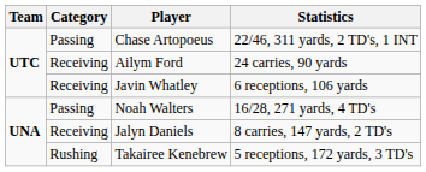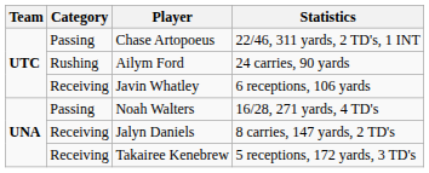 <table class="wikitable" style="float: right;">
 <tr>
 <th>Team</th>
 <th>Category</th>
 <th>Player</th>
 <th>Statistics</th>
 </tr>
 <tr>
 <td rowspan=3><strong>UTC</strong></td>
 <td>Passing</td>
 <td>Chase Artopoeus</td>
 <td>22/46, 311 yards, 2 TD's, 1 INT</td>
 </tr>
 <tr>
-<td>Receiving</td>
+<td>Rushing</td>
 <td>Ailym Ford</td>
 <td>24 carries, 90 yards</td>
 </tr>
 <tr>
 <td>Receiving</td>
 <td>Javin Whatley</td>
 <td>6 receptions, 106 yards</td>
 </tr>
 <tr>
 <td rowspan=3><strong>UNA</strong></td>
 <td>Passing</td>
 <td>Noah Walters</td>
 <td>16/28, 271 yards, 4 TD's</td>
 </tr>
 <tr>
 <td>Receiving</td>
 <td>Jalyn Daniels</td>
 <td>8 carries, 147 yards, 2 TD's</td>
 </tr>
 <tr>
-<td>Rushing</td>
+<td>Receiving</td>
 <td>Takairee Kenebrew</td>
 <td>5 receptions, 172 yards, 3 TD's</td>
 </tr>
 </table>
